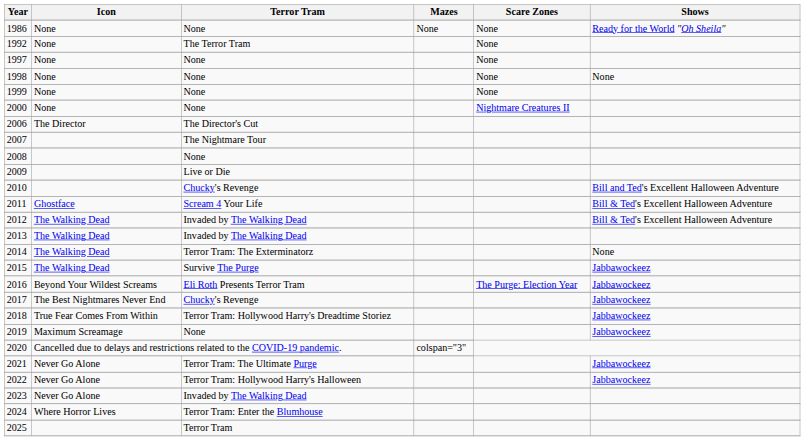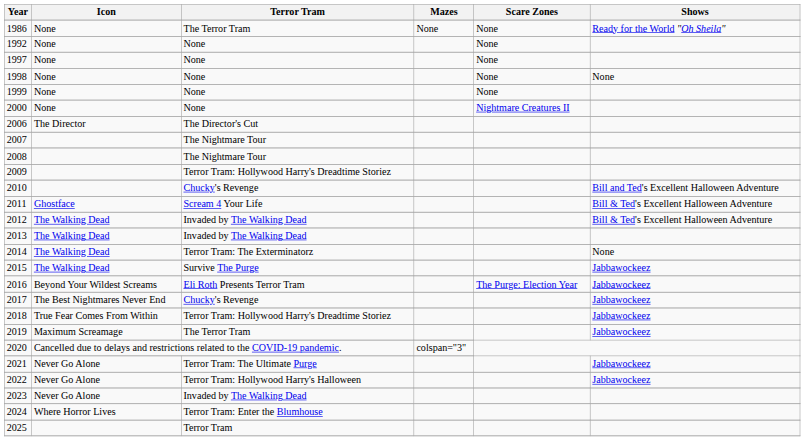 <table class="wikitable collapsible collapsed" style="width:100%">
 <tr>
 <th>Year</th>
 <th>Icon</th>
 <th>Terror Tram</th>
 <th>Mazes</th>
 <th>Scare Zones</th>
 <th>Shows</th>
 </tr>
 <tr>
 </tr>
 <tr valign="top">
 <td>1986</td>
 <td>None</td>
-<td>None</td>
+<td>The Terror Tram</td>
 <td>None</td>
 <td>None</td>
 <td><a href='#'>Ready for the World</a> <em>"<a href='#'>Oh Sheila</a>"</em></td>
 </tr>
 <tr>
 </tr>
 <tr valign="top">
 <td>1992</td>
 <td>None</td>
-<td>The Terror Tram</td>
+<td>None</td>
 <td></td>
 <td>None</td>
 <td></td>
 </tr>
 <tr>
 </tr>
 <tr valign="top">
 <td>1997</td>
 <td>None</td>
 <td>None</td>
 <td></td>
 <td>None</td>
 <td></td>
 </tr>
 <tr>
 </tr>
 <tr valign="top">
 <td>1998</td>
 <td>None</td>
 <td>None</td>
 <td></td>
 <td>None</td>
 <td>None</td>
 </tr>
 <tr>
 </tr>
 <tr valign="top">
 <td>1999</td>
 <td>None</td>
 <td>None</td>
 <td></td>
 <td>None</td>
 <td></td>
 </tr>
 <tr>
 </tr>
 <tr valign="top">
 <td>2000</td>
 <td>None</td>
 <td>None</td>
 <td></td>
 <td><a href='#'>Nightmare Creatures II</a></td>
 <td></td>
 </tr>
 <tr>
 </tr>
 <tr valign="top">
 <td>2006</td>
 <td>The Director</td>
 <td>The Director's Cut</td>
 <td></td>
 <td></td>
 <td></td>
 </tr>
 <tr>
 </tr>
 <tr valign="top">
 <td>2007</td>
 <td></td>
 <td>The Nightmare Tour</td>
 <td></td>
 <td></td>
 <td></td>
 </tr>
 <tr>
 </tr>
 <tr valign="top">
 <td>2008</td>
 <td></td>
-<td>None</td>
+<td>The Nightmare Tour</td>
 <td></td>
 <td></td>
 <td></td>
 </tr>
 <tr>
 </tr>
 <tr valign="top">
 <td>2009</td>
 <td></td>
-<td>Live or Die</td>
+<td>Terror Tram: Hollywood Harry's Dreadtime Storiez</td>
 <td></td>
 <td></td>
 <td></td>
 </tr>
 <tr>
 </tr>
 <tr valign="top">
 <td>2010</td>
 <td></td>
 <td><a href='#'>Chucky</a>'s Revenge</td>
 <td></td>
 <td></td>
 <td><a href='#'>Bill and Ted</a>'s Excellent Halloween Adventure</td>
 </tr>
 <tr>
 </tr>
 <tr valign="top">
 <td>2011</td>
 <td><a href='#'>Ghostface</a></td>
 <td><a href='#'>Scream 4</a> Your Life</td>
 <td></td>
 <td></td>
 <td><a href='#'>Bill & Ted</a>'s Excellent Halloween Adventure</td>
 </tr>
 <tr>
 </tr>
 <tr valign="top">
 <td>2012</td>
 <td><a href='#'>The Walking Dead</a></td>
 <td>Invaded by <a href='#'>The Walking Dead</a></td>
 <td></td>
 <td></td>
 <td><a href='#'>Bill & Ted</a>'s Excellent Halloween Adventure</td>
 </tr>
 <tr>
 </tr>
 <tr valign="top">
 <td>2013</td>
 <td><a href='#'>The Walking Dead</a></td>
 <td>Invaded by <a href='#'>The Walking Dead</a></td>
 <td></td>
 <td></td>
 <td></td>
 </tr>
 <tr>
 </tr>
 <tr valign="top">
 <td>2014</td>
 <td><a href='#'>The Walking Dead</a></td>
 <td>Terror Tram: The Exterminatorz</td>
 <td></td>
 <td></td>
 <td>None</td>
 </tr>
 <tr>
 </tr>
 <tr valign="top">
 <td>2015</td>
 <td><a href='#'>The Walking Dead</a></td>
 <td>Survive <a href='#'>The Purge</a></td>
 <td></td>
 <td></td>
 <td><a href='#'>Jabbawockeez</a></td>
 </tr>
 <tr>
 </tr>
 <tr valign="top">
 <td>2016</td>
 <td>Beyond Your Wildest Screams</td>
 <td><a href='#'>Eli Roth</a> Presents Terror Tram</td>
 <td></td>
 <td><a href='#'>The Purge: Election Year</a></td>
 <td><a href='#'>Jabbawockeez</a></td>
 </tr>
 <tr>
 </tr>
 <tr valign="top">
 <td>2017</td>
 <td>The Best Nightmares Never End</td>
 <td><a href='#'>Chucky</a>'s Revenge</td>
 <td></td>
 <td></td>
 <td><a href='#'>Jabbawockeez</a></td>
 </tr>
 <tr>
 </tr>
 <tr valign="top">
 <td>2018</td>
 <td>True Fear Comes From Within</td>
 <td>Terror Tram: Hollywood Harry's Dreadtime Storiez</td>
 <td></td>
 <td></td>
 <td><a href='#'>Jabbawockeez</a></td>
 </tr>
 <tr>
 </tr>
 <tr valign="top">
 <td>2019</td>
 <td>Maximum Screamage</td>
-<td>None</td>
+<td>The Terror Tram</td>
 <td></td>
 <td></td>
 <td><a href='#'>Jabbawockeez</a></td>
 </tr>
 <tr>
 </tr>
 <tr valign= "top">
 <td>2020</td>
 <td colspan="2">Cancelled due to delays and restrictions related to the <a href='#'>COVID-19 pandemic</a>.</td>
 <td>colspan="3" </td>
 </tr>
 <tr>
 </tr>
 <tr valign= "top">
 <td>2021</td>
 <td>Never Go Alone</td>
 <td>Terror Tram: The Ultimate <a href='#'>Purge</a></td>
 <td></td>
 <td></td>
 <td><a href='#'>Jabbawockeez</a></td>
 </tr>
 <tr>
 </tr>
 <tr valign= "top">
 <td>2022</td>
 <td>Never Go Alone</td>
 <td>Terror Tram: Hollywood Harry's Halloween<br></td>
 <td></td>
 <td></td>
 <td><a href='#'>Jabbawockeez</a></td>
 </tr>
 <tr>
 </tr>
 <tr valign= "top">
 <td>2023</td>
 <td>Never Go Alone</td>
 <td>Invaded by <a href='#'>The Walking Dead</a></td>
 <td></td>
 <td></td>
 <td></td>
 </tr>
 <tr>
 </tr>
 <tr valign= "top">
 <td>2024</td>
 <td>Where Horror Lives</td>
 <td>Terror Tram: Enter the <a href='#'>Blumhouse</a></td>
 <td></td>
 <td></td>
 <td></td>
 </tr>
 <tr>
 </tr>
 <tr valign= "top">
 <td>2025</td>
 <td></td>
 <td>Terror Tram</td>
 <td></td>
 <td></td>
 <td></td>
 </tr>
 <tr>
 </tr>
 </table>
